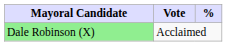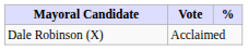 <table class="wikitable">
 <tr>
 <th style="background:#ddf; width:200px;">Mayoral Candidate</th>
 <th style="background:#ddf; width:50px;">Vote</th>
 <th style="background:#ddf; width:30px;">%</th>
 </tr>
 <tr>
-<td style="background: lightgreen;">Dale Robinson (X)</td>
+<td>Dale Robinson (X)</td>
 <td colspan="2">Acclaimed</td>
 </tr>
 </table>
